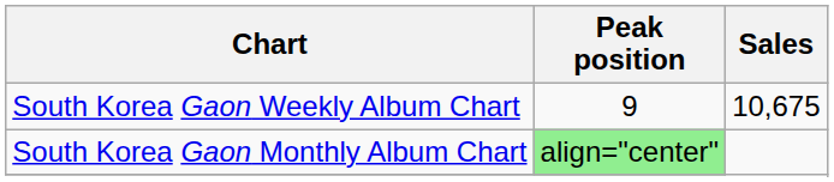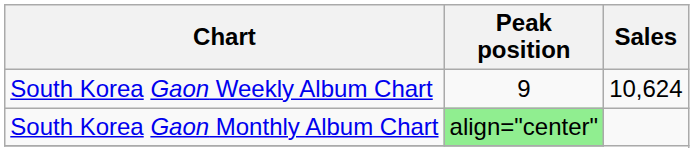 <table class="wikitable sortable">
 <tr>
 <th>Chart</th>
 <th>Peak<br>position</th>
 <th>Sales</th>
 </tr>
 <tr>
 <td><a href='#'>South Korea</a> <a href='#'><em>Gaon</em> Weekly Album Chart</a></td>
 <td align="center">9</td>
-<td>10,675</td>
+<td>10,624</td>
 </tr>
 <tr>
 <td><a href='#'>South Korea</a> <a href='#'><em>Gaon</em> Monthly Album Chart</a></td>
 <td style="background: lightgreen;">align="center" </td>
 </tr>
 <tr>
 </tr>
 </table>
